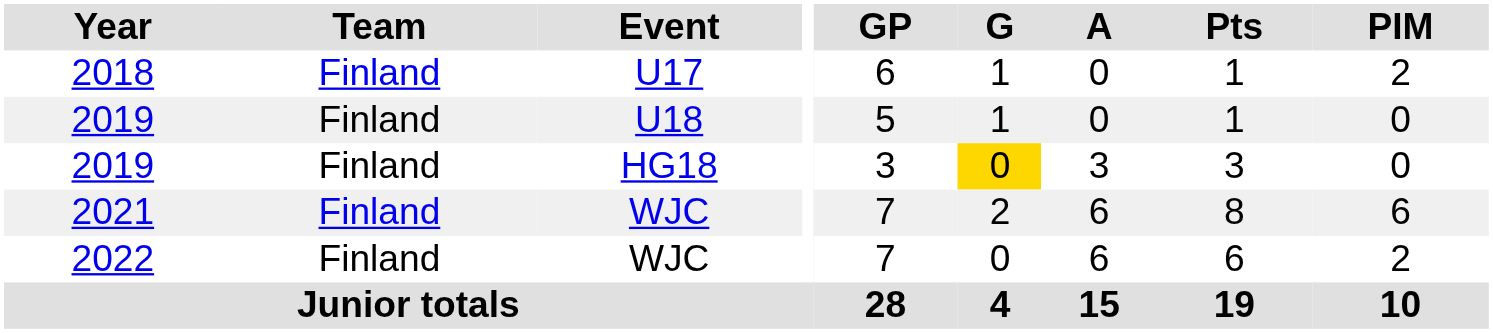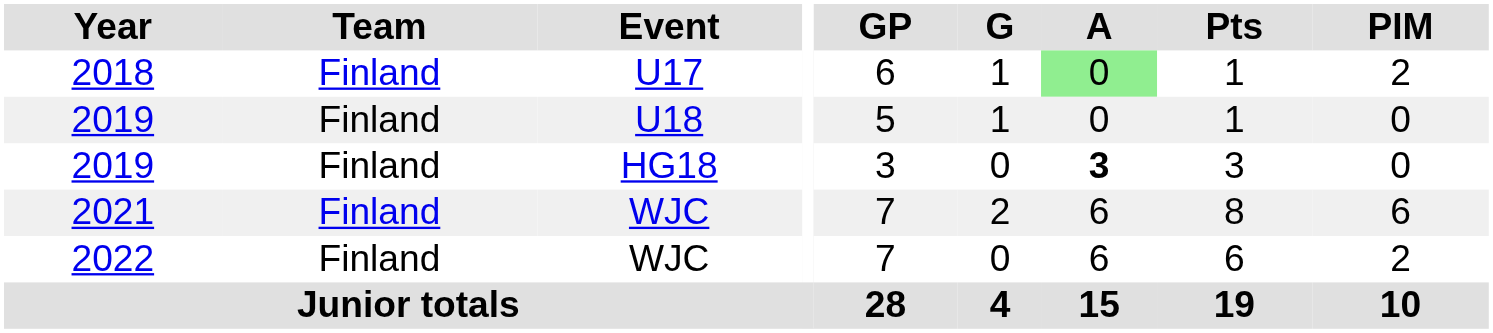 <table border="0" cellpadding="1" cellspacing="0" ID="Table3" style="text-align:center; width:40em">
 <tr bgcolor="#e0e0e0">
 <th>Year</th>
 <th>Team</th>
 <th>Event</th>
 <th rowspan="102" bgcolor="#ffffff"></th>
 <th>GP</th>
 <th>G</th>
 <th>A</th>
 <th>Pts</th>
 <th>PIM</th>
 </tr>
 <tr>
 <td><a href='#'>2018</a></td>
 <td><a href='#'>Finland</a></td>
 <td><a href='#'>U17</a></td>
 <td>6</td>
 <td>1</td>
-<td>0</td>
+<td style="background: lightgreen;">0</td>
 <td>1</td>
 <td>2</td>
 </tr>
 <tr bgcolor="#f0f0f0">
 <td><a href='#'>2019</a></td>
 <td>Finland</td>
 <td><a href='#'>U18</a></td>
 <td>5</td>
 <td>1</td>
 <td>0</td>
 <td>1</td>
 <td>0</td>
 </tr>
 <tr>
 <td><a href='#'>2019</a></td>
 <td>Finland</td>
 <td><a href='#'>HG18</a></td>
 <td>3</td>
-<td style="background: gold;">0</td>
-<td>3</td>
+<td>0</td>
+<td><strong>3</strong></td>
 <td>3</td>
 <td>0</td>
 </tr>
 <tr bgcolor="#f0f0f0">
 <td><a href='#'>2021</a></td>
 <td><a href='#'>Finland</a></td>
 <td><a href='#'>WJC</a></td>
 <td>7</td>
 <td>2</td>
 <td>6</td>
 <td>8</td>
 <td>6</td>
 </tr>
 <tr>
 <td><a href='#'>2022</a></td>
 <td>Finland</td>
 <td>WJC</td>
 <td>7</td>
 <td>0</td>
 <td>6</td>
 <td>6</td>
 <td>2</td>
 </tr>
 <tr bgcolor="#e0e0e0">
 <th colspan="4">Junior totals</th>
 <th>28</th>
 <th>4</th>
 <th>15</th>
 <th>19</th>
 <th>10</th>
 </tr>
 </table>
